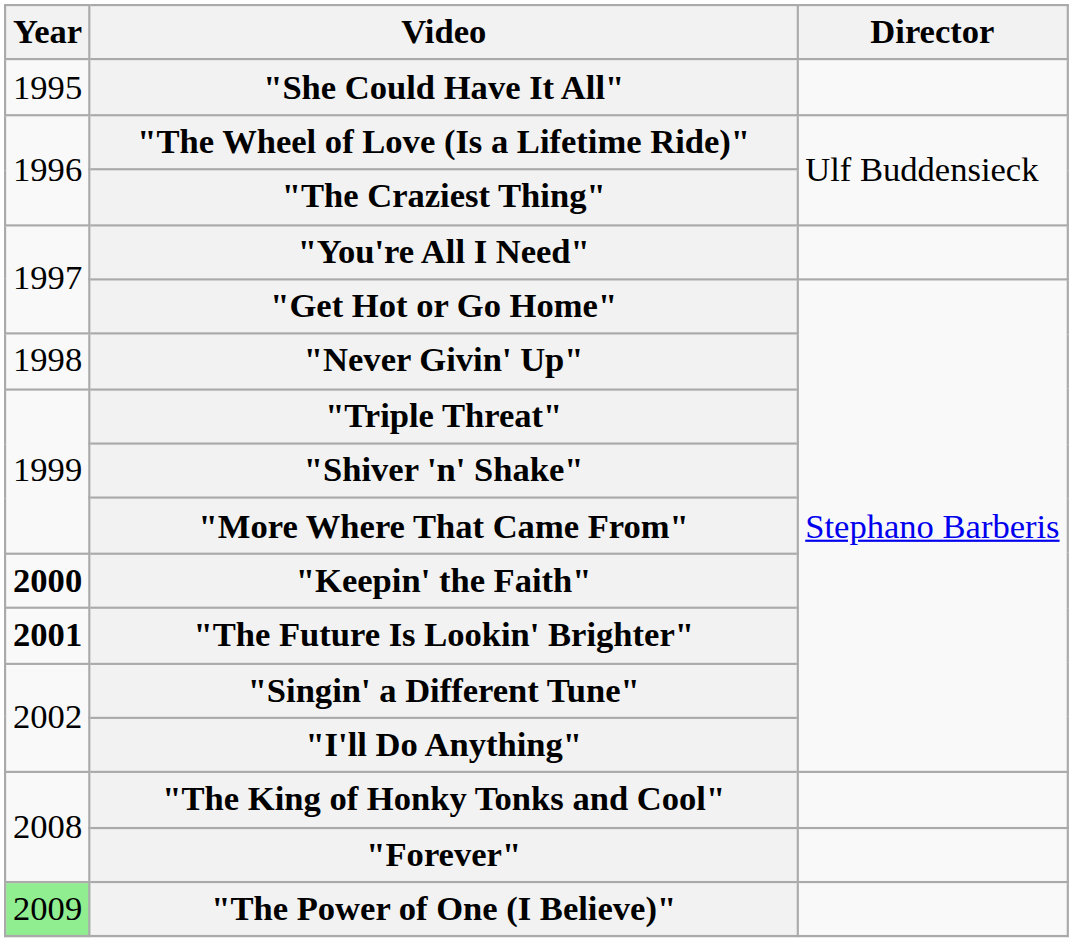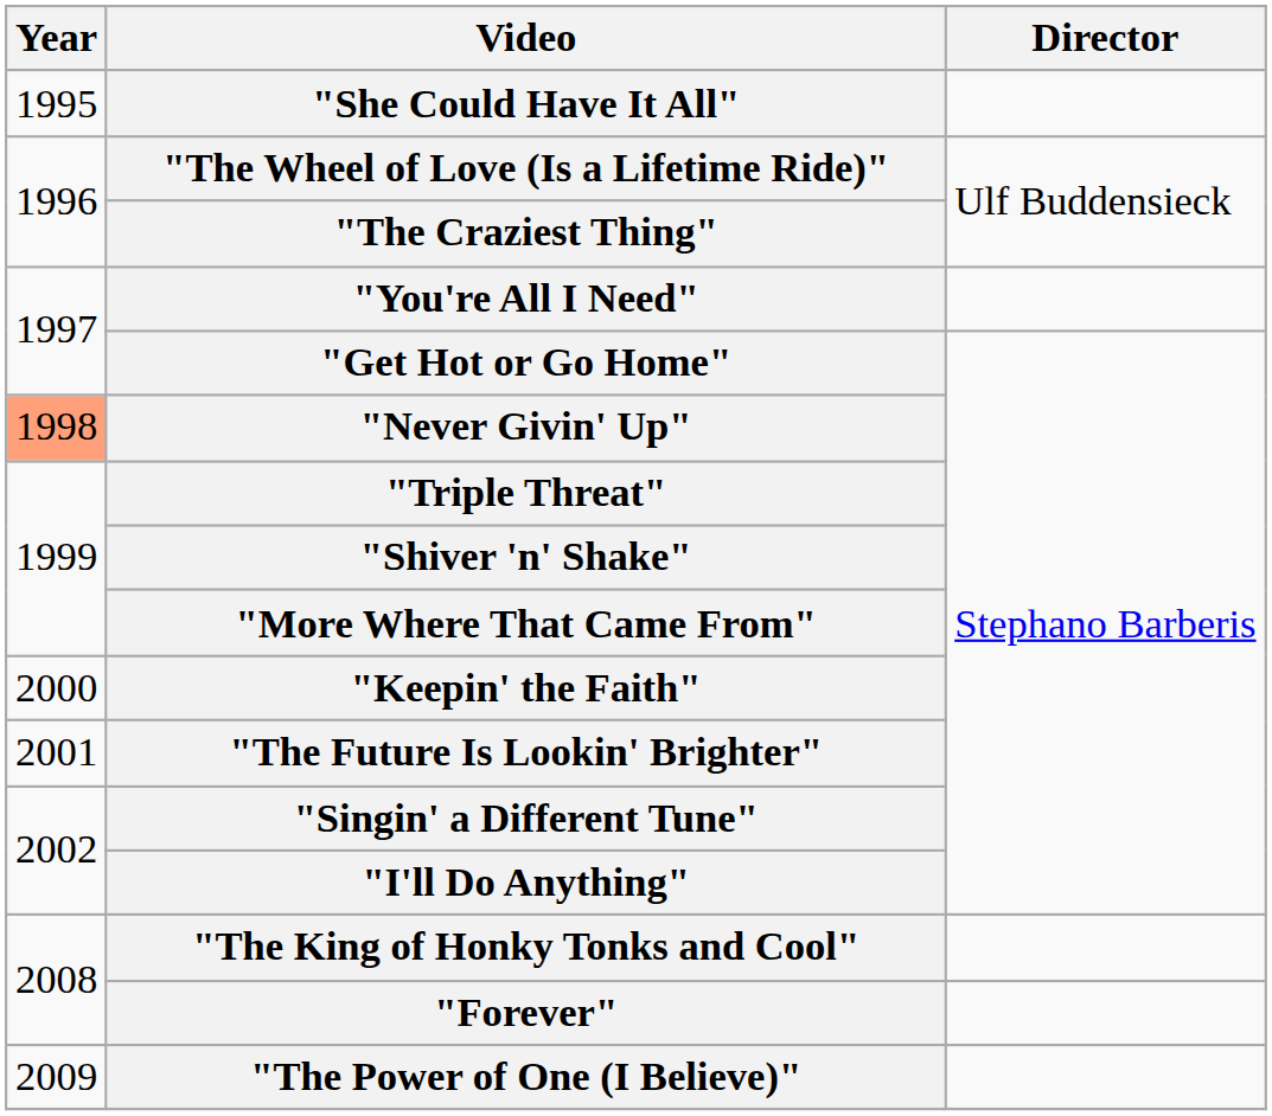 <table class="wikitable plainrowheaders">
 <tr>
 <th>Year</th>
 <th style="width:20em;">Video</th>
 <th>Director</th>
 </tr>
 <tr>
 <td>1995</td>
 <th scope="row">"She Could Have It All"</th>
 <td></td>
 </tr>
 <tr>
 <td rowspan="2">1996</td>
 <th scope="row">"The Wheel of Love (Is a Lifetime Ride)"</th>
 <td rowspan="2">Ulf Buddensieck</td>
 </tr>
 <tr>
 <th scope="row">"The Craziest Thing"</th>
 </tr>
 <tr>
 <td rowspan="2">1997</td>
 <th scope="row">"You're All I Need"</th>
 <td></td>
 </tr>
 <tr>
 <th scope="row">"Get Hot or Go Home"</th>
 <td rowspan="9"><a href='#'>Stephano Barberis</a></td>
 </tr>
 <tr>
-<td>1998</td>
+<td style="background: lightsalmon;">1998</td>
 <th scope="row">"Never Givin' Up"</th>
 </tr>
 <tr>
 <td rowspan="3">1999</td>
 <th scope="row">"Triple Threat"</th>
 </tr>
 <tr>
 <th scope="row">"Shiver 'n' Shake"</th>
 </tr>
 <tr>
 <th scope="row">"More Where That Came From"</th>
 </tr>
 <tr>
-<td><strong>2000</strong></td>
+<td>2000</td>
 <th scope="row">"Keepin' the Faith"</th>
 </tr>
 <tr>
-<td><strong>2001</strong></td>
+<td>2001</td>
 <th scope="row">"The Future Is Lookin' Brighter"</th>
 </tr>
 <tr>
 <td rowspan="2">2002</td>
 <th scope="row">"Singin' a Different Tune"</th>
 </tr>
 <tr>
 <th scope="row">"I'll Do Anything"</th>
 </tr>
 <tr>
 <td rowspan="2">2008</td>
 <th scope="row">"The King of Honky Tonks and Cool"</th>
 <td></td>
 </tr>
 <tr>
 <th scope="row">"Forever"</th>
 <td></td>
 </tr>
 <tr>
-<td style="background: lightgreen;">2009</td>
+<td>2009</td>
 <th scope="row">"The Power of One (I Believe)"</th>
 <td></td>
 </tr>
 <tr>
 </tr>
 </table>
